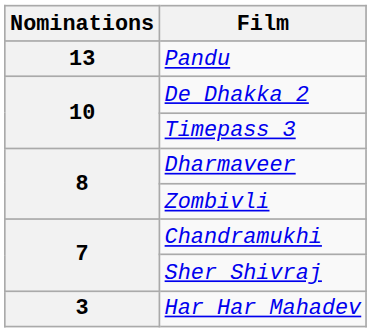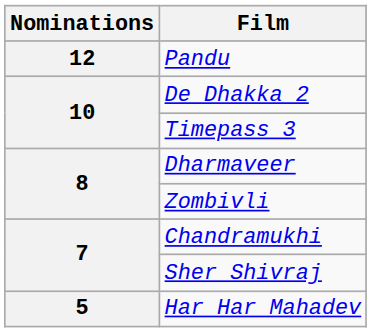 <table class="wikitable" style="display:inline-table;">
 <tr>
 <th>Nominations</th>
 <th>Film</th>
 </tr>
 <tr>
-<th>13</th>
+<th>12</th>
 <td><a href='#'><em>Pandu</em></a></td>
 </tr>
 <tr>
 <th rowspan="2">10</th>
 <td><em><a href='#'>De Dhakka 2</a></em></td>
 </tr>
 <tr>
 <td><em><a href='#'>Timepass 3</a></em></td>
 </tr>
 <tr>
 <th rowspan="2">8</th>
 <td><em><a href='#'>Dharmaveer</a></em></td>
 </tr>
 <tr>
 <td><a href='#'><em>Zombivli</em></a></td>
 </tr>
 <tr>
 <th rowspan="2">7</th>
 <td><a href='#'><em>Chandramukhi</em></a></td>
 </tr>
 <tr>
 <td><em><a href='#'>Sher Shivraj</a></em></td>
 </tr>
 <tr>
-<th>3</th>
+<th>5</th>
 <td><em><a href='#'>Har Har Mahadev</a></em></td>
 </tr>
 </table>
